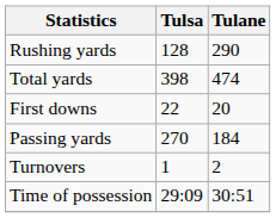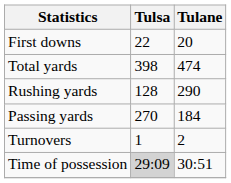 <table class="wikitable" style="float: left;">
 <tr>
 <th>Statistics</th>
 <th>Tulsa</th>
 <th>Tulane</th>
 </tr>
 <tr>
-<td>Rushing yards</td>
-<td>128</td>
-<td>290</td>
+<td>First downs</td>
+<td>22</td>
+<td>20</td>
 </tr>
 <tr>
 <td>Total yards</td>
 <td>398</td>
 <td>474</td>
 </tr>
 <tr>
-<td>First downs</td>
-<td>22</td>
-<td>20</td>
+<td>Rushing yards</td>
+<td>128</td>
+<td>290</td>
 </tr>
 <tr>
 <td>Passing yards</td>
 <td>270</td>
 <td>184</td>
 </tr>
 <tr>
 <td>Turnovers</td>
 <td>1</td>
 <td>2</td>
 </tr>
 <tr>
 <td>Time of possession</td>
-<td>29:09</td>
+<td style="background: lightgrey;">29:09</td>
 <td>30:51</td>
 </tr>
 <tr>
 </tr>
 </table>
